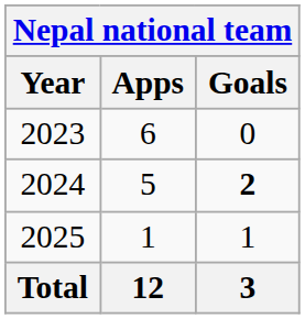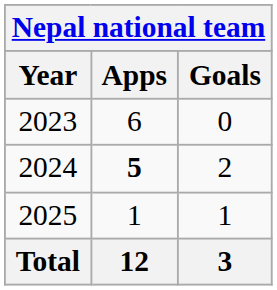 <table class=wikitable style=text-align:center>
 <tr>
 <th colspan=3><a href='#'>Nepal national team</a></th>
 </tr>
 <tr>
 <th>Year</th>
 <th>Apps</th>
 <th>Goals</th>
 </tr>
 <tr>
 <td>2023</td>
 <td>6</td>
 <td>0</td>
 </tr>
 <tr>
 <td>2024</td>
-<td>5</td>
-<td><strong>2</strong></td>
+<td><strong>5</strong></td>
+<td>2</td>
 </tr>
 <tr>
 <td>2025</td>
 <td>1</td>
 <td>1</td>
 </tr>
 <tr>
 <th colspan=1>Total</th>
 <th>12</th>
 <th>3</th>
 </tr>
 </table>
